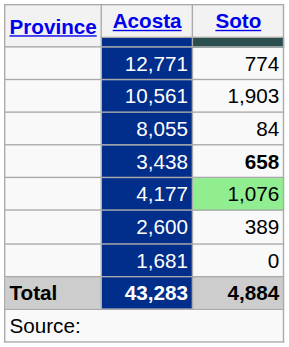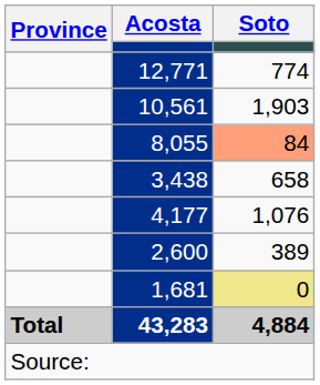 <table class="wikitable sortable" style="text-align:right; font-size:95%">
 <tr>
 <th rowspan=2><a href='#'>Province</a></th>
 <th width=60px><a href='#'>Acosta</a></th>
 <th width=60px><a href='#'>Soto</a></th>
 </tr>
 <tr>
 <th style="background:#012D8B"></th>
 <th style="background:#2B4F4F"></th>
 </tr>
 <tr>
 <td align="left"></td>
 <td style="background:#012D8B; color:white;">12,771</td>
 <td>774</td>
 </tr>
 <tr>
 <td align="left"></td>
 <td style="background:#012D8B; color:white;">10,561</td>
 <td>1,903</td>
 </tr>
 <tr>
 <td align="left"></td>
 <td style="background:#012D8B; color:white;">8,055</td>
-<td>84</td>
+<td style="background: lightsalmon;">84</td>
 </tr>
 <tr>
 <td align="left"></td>
 <td style="background:#012D8B; color:white;">3,438</td>
-<td><strong>658</strong></td>
+<td>658</td>
 </tr>
 <tr>
 <td align="left"></td>
 <td style="background:#012D8B; color:white;">4,177</td>
-<td style="background: lightgreen;">1,076</td>
+<td>1,076</td>
 </tr>
 <tr>
 <td align="left"></td>
 <td style="background:#012D8B; color:white;">2,600</td>
 <td>389</td>
 </tr>
 <tr>
 <td align="left"></td>
 <td style="background:#012D8B; color:white;">1,681</td>
-<td>0</td>
+<td style="background: khaki;">0</td>
 </tr>
 <tr style="background:#CDCDCD;">
 <td align="left"><strong>Total</strong></td>
 <td style="background:#012D8B; color:white;"><strong>43,283</strong></td>
 <td><strong>4,884</strong></td>
 </tr>
 <tr>
 <td align=left colspan=11>Source: </td>
 </tr>
 </table>
